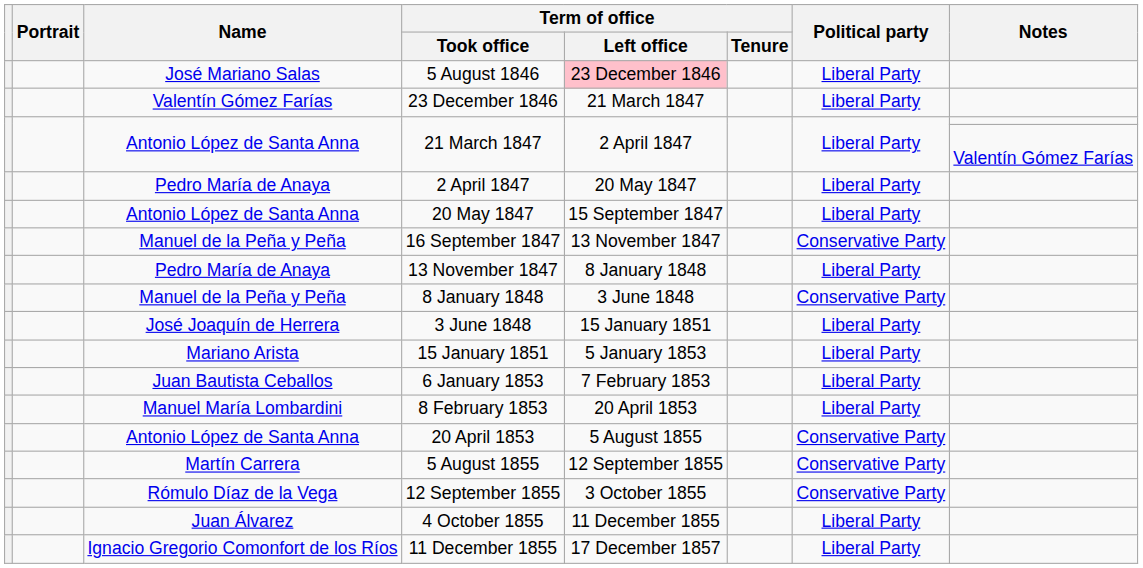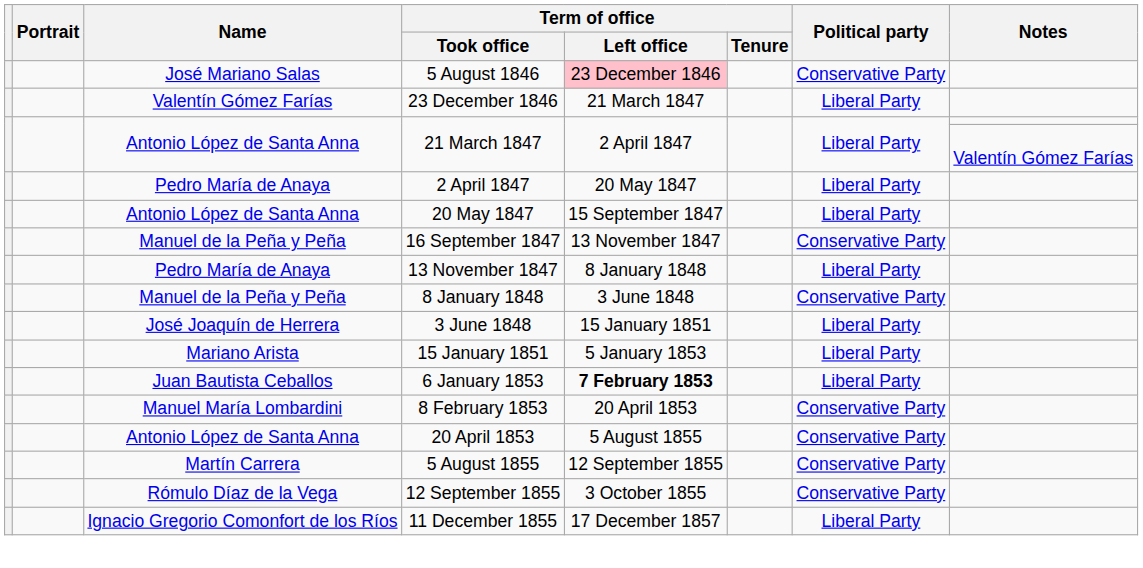 <table class="wikitable" style="text-align:center;">
 <tr>
 <th rowspan="2"></th>
 <th rowspan="2">Portrait</th>
 <th rowspan="2">Name<br></th>
 <th colspan="3">Term of office</th>
 <th rowspan="2">Political party</th>
 <th rowspan="2">Notes</th>
 </tr>
 <tr>
 <th>Took office</th>
 <th>Left office</th>
 <th>Tenure</th>
 </tr>
 <tr>
 <th style="background:"></th>
 <td></td>
 <td><a href='#'>José Mariano Salas</a><br></td>
 <td>5 August 1846</td>
 <td style="background: pink;">23 December 1846</td>
 <td></td>
-<td><a href='#'>Liberal Party</a></td>
+<td><a href='#'>Conservative Party</a></td>
 <td></td>
 </tr>
 <tr>
 <th style="background:"></th>
 <td></td>
 <td><a href='#'>Valentín Gómez Farías</a><br></td>
 <td>23 December 1846</td>
 <td>21 March 1847</td>
 <td></td>
 <td><a href='#'>Liberal Party</a></td>
 <td></td>
 </tr>
 <tr>
 <th rowspan="2" style="background:"></th>
 <td rowspan="2"></td>
 <td rowspan="2"><a href='#'>Antonio López de Santa Anna</a><br></td>
 <td rowspan="2">21 March 1847</td>
 <td rowspan="2">2 April 1847</td>
 <td rowspan="2"></td>
 <td rowspan="2"><a href='#'>Liberal Party</a></td>
 <td></td>
 </tr>
 <tr>
 <td><br><a href='#'>Valentín Gómez Farías</a></td>
 </tr>
 <tr>
 <th style="background:"></th>
 <td></td>
 <td><a href='#'>Pedro María de Anaya</a><br></td>
 <td>2 April 1847</td>
 <td>20 May 1847</td>
 <td></td>
 <td><a href='#'>Liberal Party</a></td>
 <td></td>
 </tr>
 <tr>
 <th style="background:"></th>
 <td></td>
 <td><a href='#'>Antonio López de Santa Anna</a><br></td>
 <td>20 May 1847</td>
 <td>15 September 1847</td>
 <td></td>
 <td><a href='#'>Liberal Party</a></td>
 <td></td>
 </tr>
 <tr>
 <th style="background:"></th>
 <td></td>
 <td><a href='#'>Manuel de la Peña y Peña</a><br></td>
 <td>16 September 1847</td>
 <td>13 November 1847</td>
 <td></td>
 <td><a href='#'>Conservative Party</a></td>
 <td></td>
 </tr>
 <tr>
 <th style="background:"></th>
 <td></td>
 <td><a href='#'>Pedro María de Anaya</a><br></td>
 <td>13 November 1847</td>
 <td>8 January 1848</td>
 <td></td>
 <td><a href='#'>Liberal Party</a></td>
 <td></td>
 </tr>
 <tr>
 <th style="background:"></th>
 <td></td>
 <td><a href='#'>Manuel de la Peña y Peña</a><br></td>
 <td>8 January 1848</td>
 <td>3 June 1848</td>
 <td></td>
 <td><a href='#'>Conservative Party</a></td>
 <td><br></td>
 </tr>
 <tr>
 <th style="background:"></th>
 <td></td>
 <td><a href='#'>José Joaquín de Herrera</a><br></td>
 <td>3 June 1848</td>
 <td>15 January 1851</td>
 <td></td>
 <td><a href='#'>Liberal Party</a></td>
 <td></td>
 </tr>
 <tr>
 <th style="background:"></th>
 <td></td>
 <td><a href='#'>Mariano Arista</a><br></td>
 <td>15 January 1851</td>
 <td>5 January 1853</td>
 <td></td>
 <td><a href='#'>Liberal Party</a></td>
 <td></td>
 </tr>
 <tr>
 <th style="background:"></th>
 <td></td>
 <td><a href='#'>Juan Bautista Ceballos</a><br></td>
 <td>6 January 1853</td>
-<td>7 February 1853</td>
+<td><strong>7 February 1853</strong></td>
 <td></td>
 <td><a href='#'>Liberal Party</a></td>
 <td></td>
 </tr>
 <tr>
 <th style="background:"></th>
 <td></td>
 <td><a href='#'>Manuel María Lombardini</a><br></td>
 <td>8 February 1853</td>
 <td>20 April 1853</td>
 <td></td>
-<td><a href='#'>Liberal Party</a></td>
+<td><a href='#'>Conservative Party</a></td>
 <td></td>
 </tr>
 <tr>
 <th style="background:"></th>
 <td></td>
 <td><a href='#'>Antonio López de Santa Anna</a><br></td>
 <td>20 April 1853</td>
 <td>5 August 1855</td>
 <td></td>
 <td><a href='#'>Conservative Party</a></td>
 <td><br></td>
 </tr>
 <tr>
 <th style="background:"></th>
 <td></td>
 <td><a href='#'>Martín Carrera</a><br></td>
 <td>5 August 1855</td>
 <td>12 September 1855</td>
 <td></td>
 <td><a href='#'>Conservative Party</a></td>
 <td></td>
 </tr>
 <tr>
 <th style="background:"></th>
 <td></td>
 <td><a href='#'>Rómulo Díaz de la Vega</a><br></td>
 <td>12 September 1855</td>
 <td>3 October 1855</td>
 <td></td>
 <td><a href='#'>Conservative Party</a></td>
 <td></td>
 </tr>
 <tr>
 <th style="background:"></th>
 <td></td>
-<td><a href='#'>Juan Álvarez</a><br></td>
-<td>4 October 1855</td>
-<td>11 December 1855</td>
-<td></td>
-<td><a href='#'>Liberal Party</a></td>
-<td></td>
-</tr>
-<tr>
-<th style="background:"></th>
-<td></td>
 <td><a href='#'>Ignacio Gregorio Comonfort de los Ríos</a><br></td>
 <td>11 December 1855</td>
 <td>17 December 1857</td>
 <td></td>
 <td><a href='#'>Liberal Party</a></td>
 <td></td>
 </tr>
 </table>
